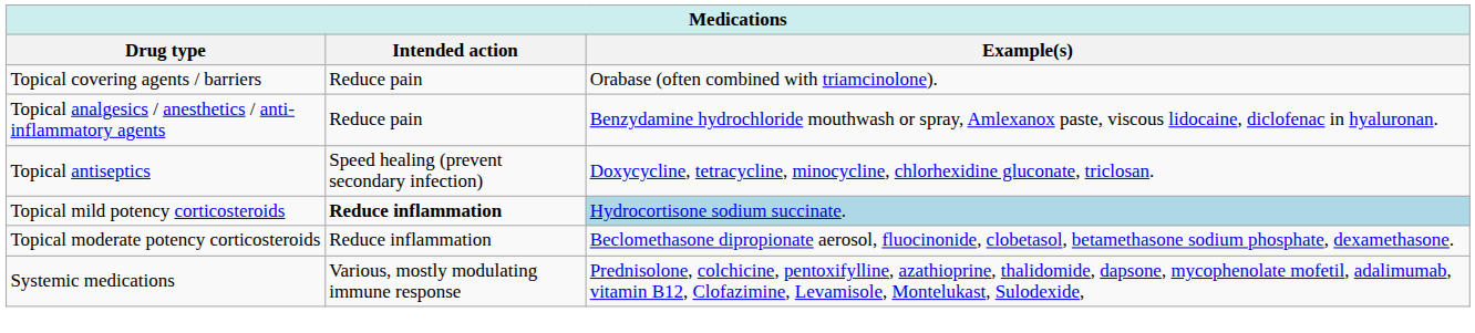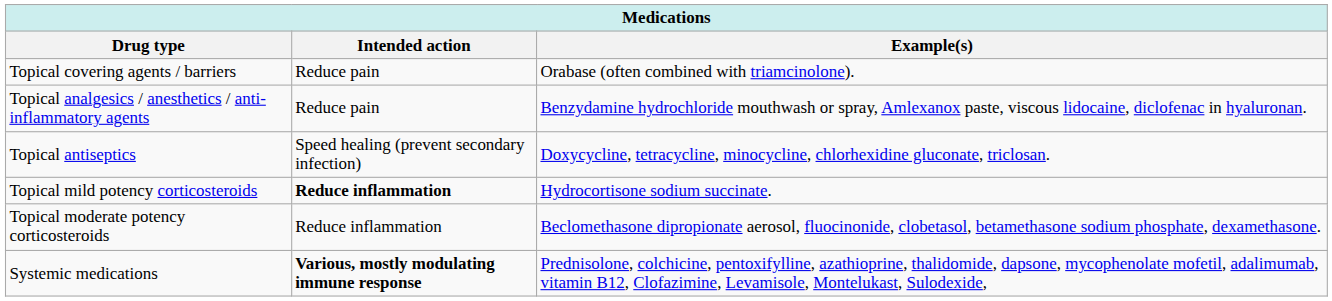 <table class="wikitable" style="border:solid 1px #999999; margin:0 0 1em 1em;">
 <tr>
 <th colspan="3" style="background-color: #CCEEEE;">Medications</th>
 </tr>
 <tr>
 <th>Drug type</th>
 <th>Intended action</th>
 <th>Example(s)</th>
 </tr>
 <tr>
 <td>Topical covering agents / barriers</td>
 <td>Reduce pain</td>
 <td>Orabase (often combined with <a href='#'>triamcinolone</a>).</td>
 </tr>
 <tr>
 <td>Topical <a href='#'>analgesics</a> / <a href='#'>anesthetics</a> / <a href='#'>anti-inflammatory agents</a></td>
 <td>Reduce pain</td>
 <td><a href='#'>Benzydamine hydrochloride</a> mouthwash or spray, <a href='#'>Amlexanox</a> paste, viscous <a href='#'>lidocaine</a>, <a href='#'>diclofenac</a> in <a href='#'>hyaluronan</a>.</td>
 </tr>
 <tr>
 <td>Topical <a href='#'>antiseptics</a></td>
 <td>Speed healing (prevent secondary infection)</td>
 <td><a href='#'>Doxycycline</a>, <a href='#'>tetracycline</a>, <a href='#'>minocycline</a>, <a href='#'>chlorhexidine gluconate</a>, <a href='#'>triclosan</a>.</td>
 </tr>
 <tr>
 <td>Topical mild potency <a href='#'>corticosteroids</a></td>
 <td><strong>Reduce inflammation</strong></td>
-<td style="background: lightblue;"><a href='#'>Hydrocortisone sodium succinate</a>.</td>
+<td><a href='#'>Hydrocortisone sodium succinate</a>.</td>
 </tr>
 <tr>
 <td>Topical moderate potency corticosteroids</td>
 <td>Reduce inflammation</td>
 <td><a href='#'>Beclomethasone dipropionate</a> aerosol, <a href='#'>fluocinonide</a>, <a href='#'>clobetasol</a>, <a href='#'>betamethasone sodium phosphate</a>, <a href='#'>dexamethasone</a>.</td>
 </tr>
 <tr>
 <td>Systemic medications</td>
-<td>Various, mostly modulating immune response</td>
+<td><strong>Various, mostly modulating immune response</strong></td>
 <td><a href='#'>Prednisolone</a>, <a href='#'>colchicine</a>, <a href='#'>pentoxifylline</a>, <a href='#'>azathioprine</a>, <a href='#'>thalidomide</a>, <a href='#'>dapsone</a>, <a href='#'>mycophenolate mofetil</a>, <a href='#'>adalimumab</a>, <a href='#'>vitamin B12</a>, <a href='#'>Clofazimine</a>, <a href='#'>Levamisole</a>, <a href='#'>Montelukast</a>, <a href='#'>Sulodexide</a>,</td>
 </tr>
 </table>
